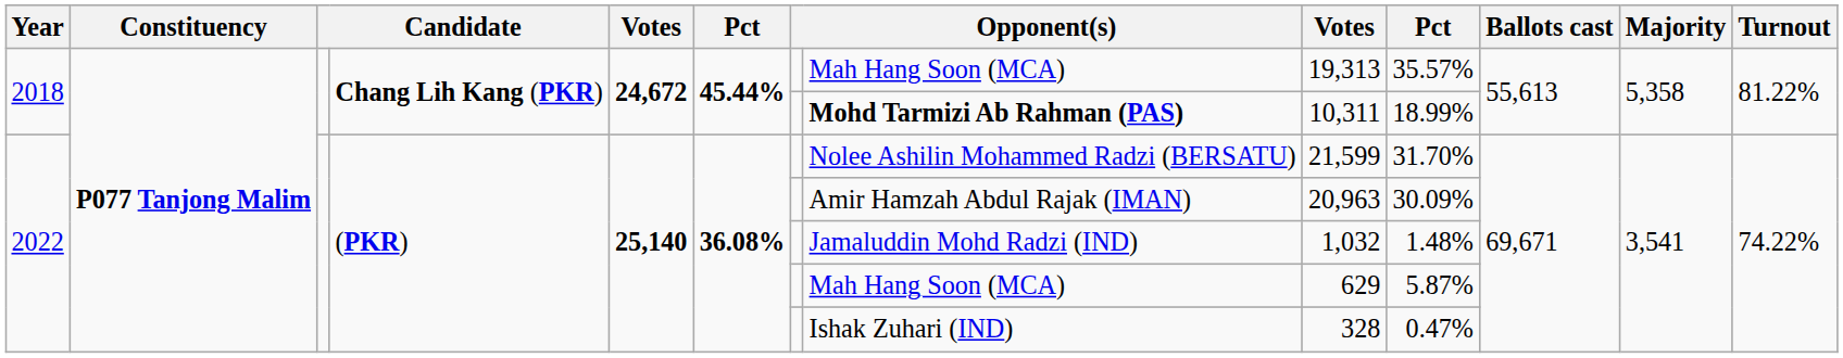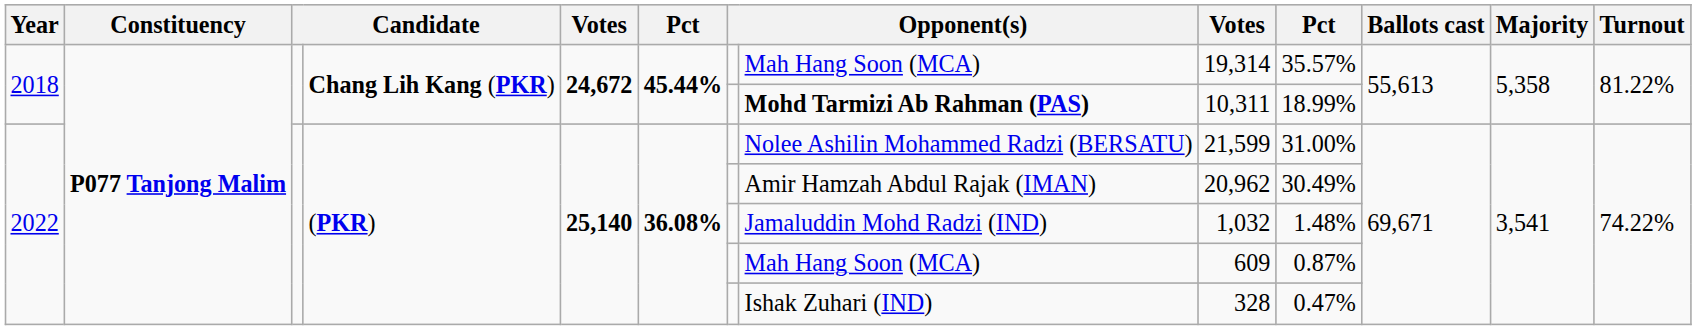 <table class="wikitable" style="margin:0.5em ; font-size:95%">
 <tr>
 <th>Year</th>
 <th>Constituency</th>
 <th colspan=2>Candidate</th>
 <th>Votes</th>
 <th>Pct</th>
 <th colspan=2>Opponent(s)</th>
 <th>Votes</th>
 <th>Pct</th>
 <th>Ballots cast</th>
 <th>Majority</th>
 <th>Turnout</th>
 </tr>
 <tr>
 <td rowspan=2><a href='#'>2018</a></td>
 <td rowspan=7><strong>P077 <a href='#'>Tanjong Malim</a></strong></td>
 <td rowspan=2 ></td>
 <td rowspan=2><strong>Chang Lih Kang</strong> (<a href='#'><strong>PKR</strong></a>)</td>
 <td rowspan=2 align="right"><strong>24,672</strong></td>
 <td rowspan=2><strong>45.44%</strong></td>
 <td></td>
 <td><a href='#'>Mah Hang Soon</a> (<a href='#'>MCA</a>)</td>
-<td align="right">19,313</td>
+<td align="right">19,314</td>
 <td>35.57%</td>
 <td rowspan=2>55,613</td>
 <td rowspan=2>5,358</td>
 <td rowspan=2>81.22%</td>
 </tr>
 <tr>
 <td></td>
 <td><strong>Mohd Tarmizi Ab Rahman (<a href='#'>PAS</a>)</strong></td>
 <td align="right">10,311</td>
 <td>18.99%</td>
 </tr>
 <tr>
 <td rowspan=5><a href='#'>2022</a></td>
 <td rowspan=5 ></td>
 <td rowspan=5> (<a href='#'><strong>PKR</strong></a>)</td>
 <td rowspan=5 align="right"><strong>25,140</strong></td>
 <td rowspan=5><strong>36.08%</strong></td>
 <td bgcolor=></td>
 <td><a href='#'>Nolee Ashilin Mohammed Radzi</a> (<a href='#'>BERSATU</a>)</td>
 <td align="right">21,599</td>
-<td>31.70%</td>
+<td>31.00%</td>
 <td rowspan=5>69,671</td>
 <td rowspan=5>3,541</td>
 <td rowspan=5>74.22%</td>
 </tr>
 <tr>
 <td></td>
 <td>Amir Hamzah Abdul Rajak (<a href='#'>IMAN</a>)</td>
-<td align="right">20,963</td>
-<td>30.09%</td>
+<td align="right">20,962</td>
+<td>30.49%</td>
 </tr>
 <tr>
 <td></td>
 <td><a href='#'>Jamaluddin Mohd Radzi</a> (<a href='#'>IND</a>)</td>
 <td align="right">1,032</td>
 <td align="right">1.48%</td>
 </tr>
 <tr>
 <td bgcolor=></td>
 <td><a href='#'>Mah Hang Soon</a> (<a href='#'>MCA</a>)</td>
-<td align="right">629</td>
-<td align="right">5.87%</td>
+<td align="right">609</td>
+<td align="right">0.87%</td>
 </tr>
 <tr>
 <td></td>
 <td>Ishak Zuhari (<a href='#'>IND</a>)</td>
 <td align="right">328</td>
 <td align="right">0.47%</td>
 </tr>
 </table>
